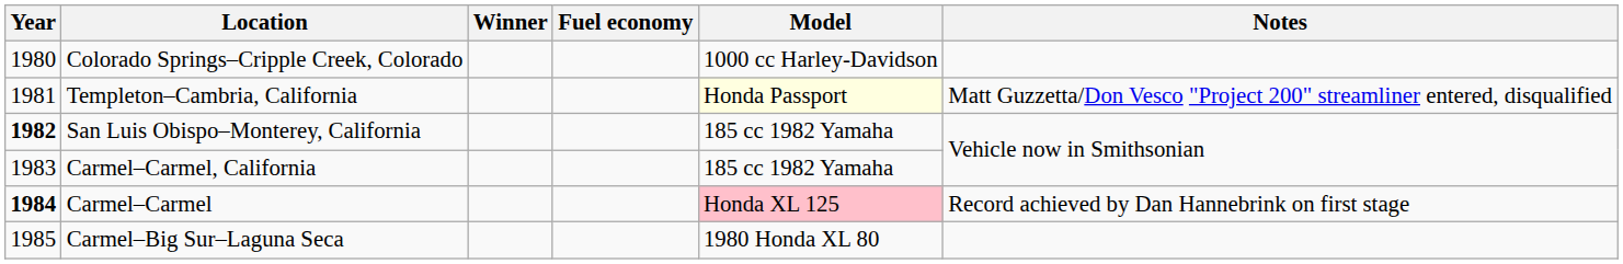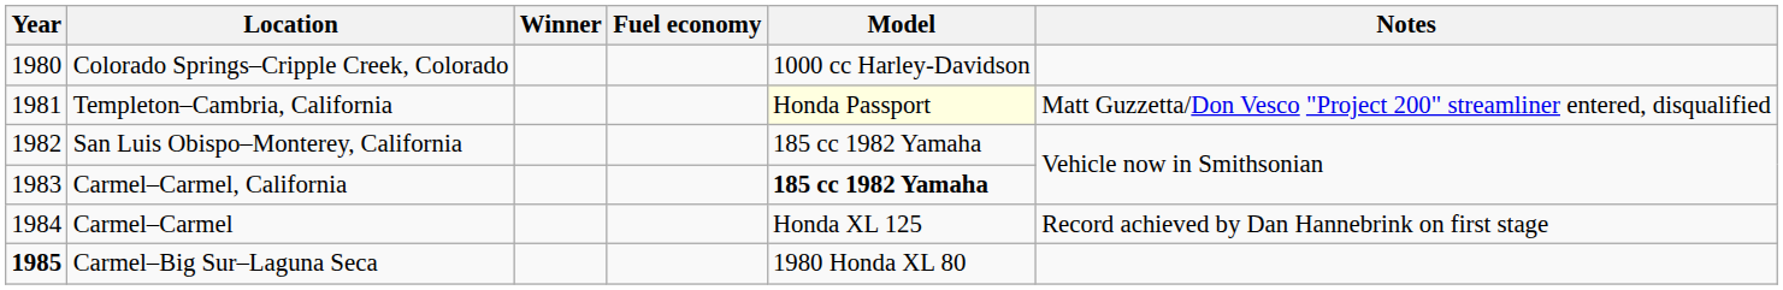 <table class="wikitable sortable">
 <tr>
 <th>Year</th>
 <th>Location</th>
 <th>Winner</th>
 <th>Fuel economy</th>
 <th class="unsortable">Model</th>
 <th class="unsortable">Notes</th>
 </tr>
 <tr>
 <td>1980</td>
 <td>Colorado Springs–Cripple Creek, Colorado</td>
 <td></td>
 <td></td>
 <td>1000 cc Harley-Davidson</td>
 <td></td>
 </tr>
 <tr>
 <td>1981</td>
 <td>Templeton–Cambria, California</td>
 <td></td>
 <td></td>
 <td style="background: lightyellow;">Honda Passport</td>
 <td>Matt Guzzetta/<a href='#'>Don Vesco</a> <a href='#'>"Project 200" streamliner</a> entered, disqualified</td>
 </tr>
 <tr>
-<td><strong>1982</strong></td>
+<td>1982</td>
 <td>San Luis Obispo–Monterey, California</td>
 <td></td>
 <td></td>
 <td>185 cc 1982 Yamaha</td>
 <td rowspan="2">Vehicle now in Smithsonian</td>
 </tr>
 <tr>
 <td>1983</td>
 <td>Carmel–Carmel, California</td>
 <td></td>
 <td></td>
-<td>185 cc 1982 Yamaha</td>
+<td><strong>185 cc 1982 Yamaha</strong></td>
 </tr>
 <tr>
-<td><strong>1984</strong></td>
+<td>1984</td>
 <td>Carmel–Carmel</td>
 <td></td>
 <td></td>
-<td style="background: pink;">Honda XL 125</td>
+<td>Honda XL 125</td>
 <td>Record  achieved by Dan Hannebrink on first stage</td>
 </tr>
 <tr>
-<td>1985</td>
+<td><strong>1985</strong></td>
 <td>Carmel–Big Sur–Laguna Seca</td>
 <td></td>
 <td></td>
 <td>1980 Honda XL 80</td>
 <td></td>
 </tr>
 </table>
